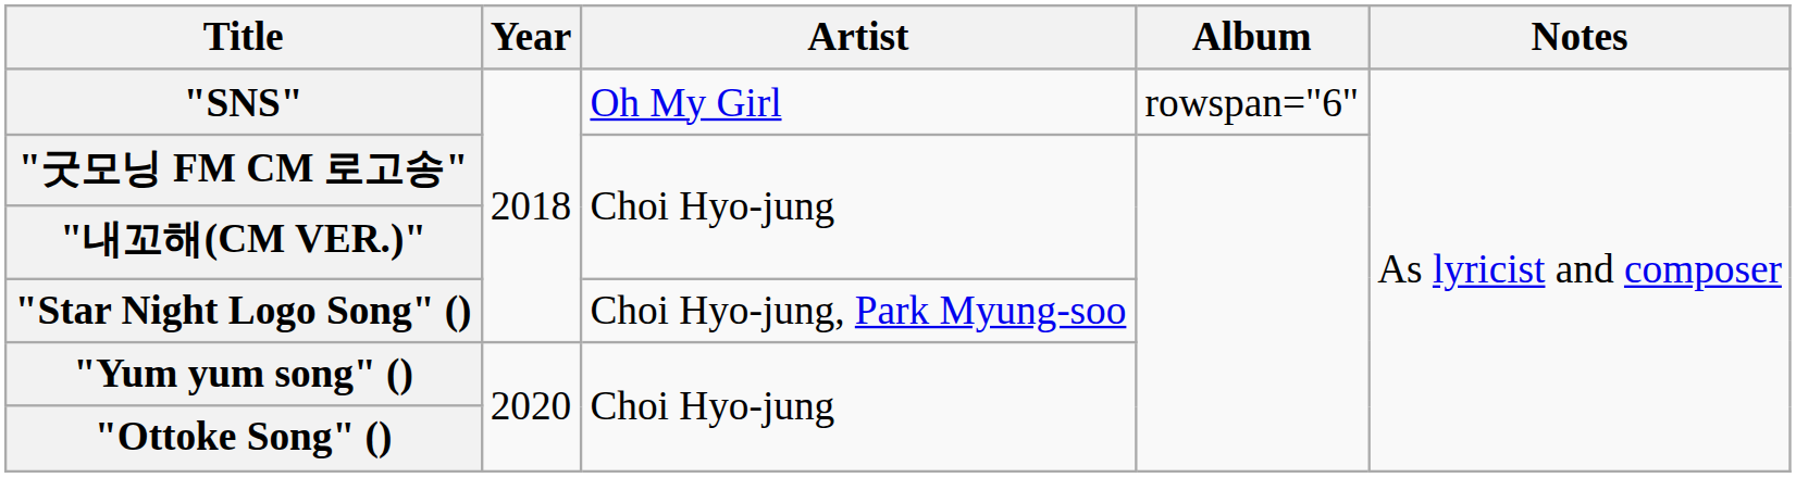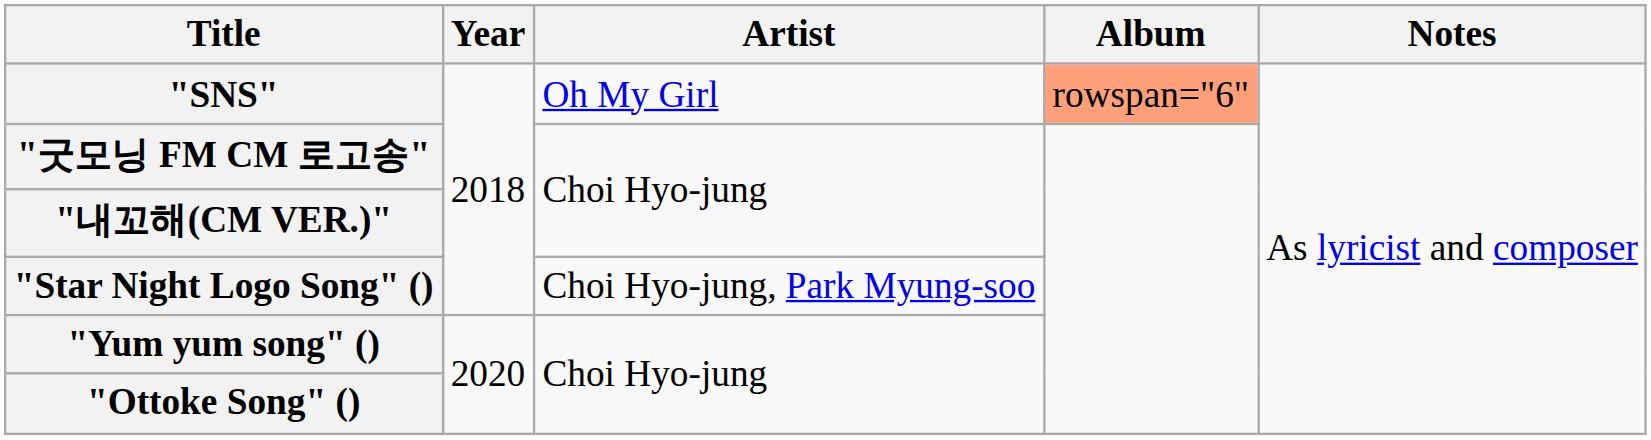 <table class="wikitable plainrowheaders">
 <tr>
 <th scope="col">Title</th>
 <th scope="col">Year</th>
 <th scope="col">Artist</th>
 <th scope="col">Album</th>
 <th scope="col">Notes</th>
 </tr>
 <tr>
 <th scope="row">"SNS"</th>
 <td rowspan="4">2018</td>
 <td><a href='#'>Oh My Girl</a></td>
-<td>rowspan="6" </td>
+<td style="background: lightsalmon;">rowspan="6" </td>
 <td rowspan="6">As <a href='#'>lyricist</a> and <a href='#'>composer</a></td>
 </tr>
 <tr>
 <th scope="row">"굿모닝 FM CM 로고송"</th>
 <td rowspan="2">Choi Hyo-jung</td>
 </tr>
 <tr>
 <th scope="row">"내꼬해(CM VER.)"</th>
 </tr>
 <tr>
 <th scope="row">"Star Night Logo Song" ()</th>
 <td>Choi Hyo-jung, <a href='#'>Park Myung-soo</a></td>
 </tr>
 <tr>
 <th scope="row">"Yum yum song" ()</th>
 <td rowspan="2">2020</td>
 <td rowspan="2">Choi Hyo-jung</td>
 </tr>
 <tr>
 <th scope="row">"Ottoke Song" ()</th>
 </tr>
 </table>
